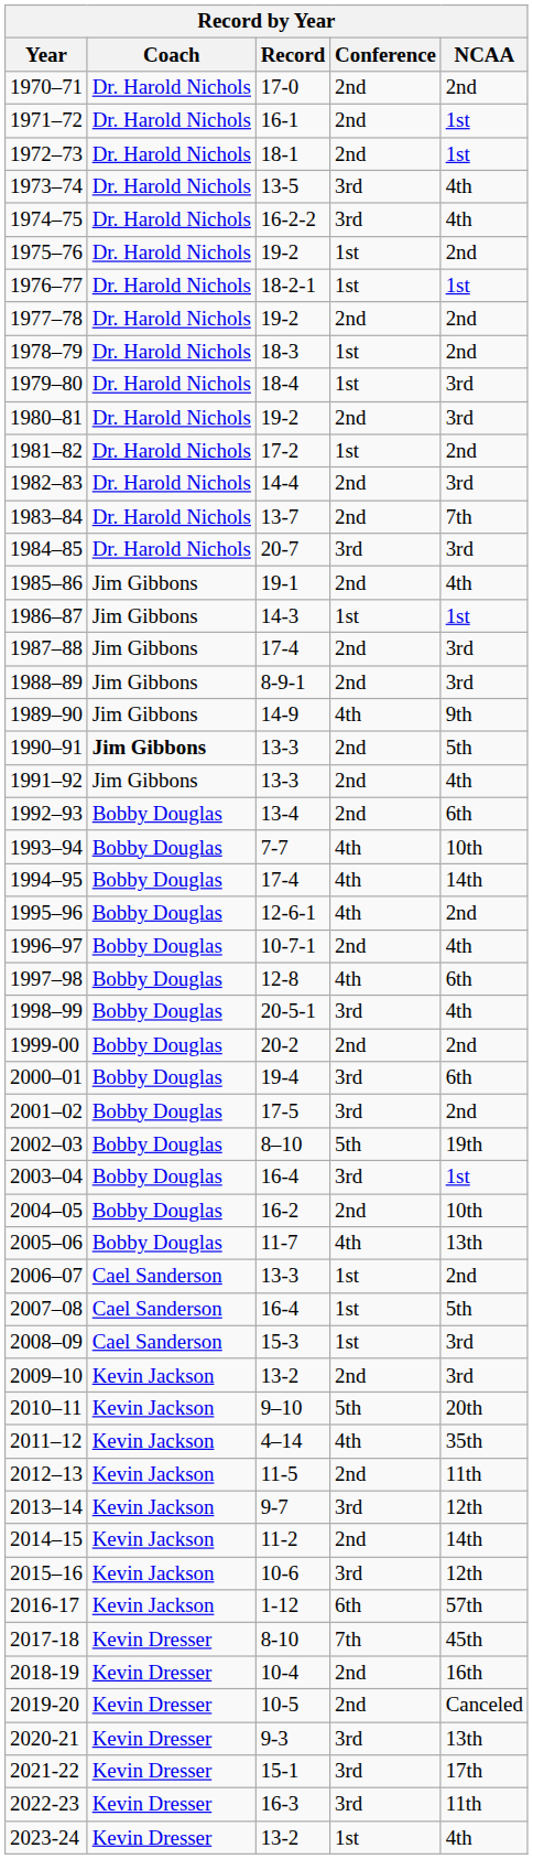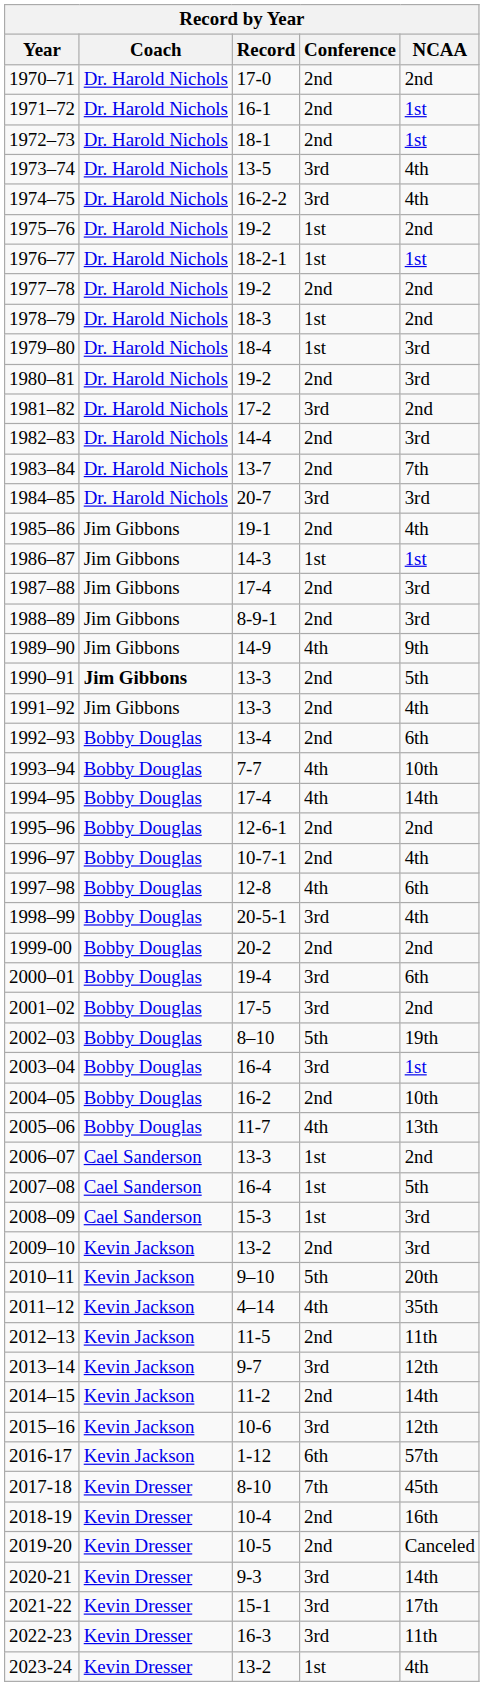 <table class="wikitable">
 <tr>
 <th colspan="5">Record by Year</th>
 </tr>
 <tr>
 <th scope="col">Year</th>
 <th scope="col">Coach</th>
 <th scope="col">Record</th>
 <th scope="col">Conference</th>
 <th scope="col">NCAA</th>
 </tr>
 <tr>
 <td>1970–71</td>
 <td><a href='#'>Dr. Harold Nichols</a></td>
 <td>17-0</td>
 <td>2nd</td>
 <td>2nd</td>
 </tr>
 <tr>
 <td>1971–72</td>
 <td><a href='#'>Dr. Harold Nichols</a></td>
 <td>16-1</td>
 <td>2nd</td>
 <td><a href='#'>1st</a></td>
 </tr>
 <tr>
 <td>1972–73</td>
 <td><a href='#'>Dr. Harold Nichols</a></td>
 <td>18-1</td>
 <td>2nd</td>
 <td><a href='#'>1st</a></td>
 </tr>
 <tr>
 <td>1973–74</td>
 <td><a href='#'>Dr. Harold Nichols</a></td>
 <td>13-5</td>
 <td>3rd</td>
 <td>4th</td>
 </tr>
 <tr>
 <td>1974–75</td>
 <td><a href='#'>Dr. Harold Nichols</a></td>
 <td>16-2-2</td>
 <td>3rd</td>
 <td>4th</td>
 </tr>
 <tr>
 <td>1975–76</td>
 <td><a href='#'>Dr. Harold Nichols</a></td>
 <td>19-2</td>
 <td>1st</td>
 <td>2nd</td>
 </tr>
 <tr>
 <td>1976–77</td>
 <td><a href='#'>Dr. Harold Nichols</a></td>
 <td>18-2-1</td>
 <td>1st</td>
 <td><a href='#'>1st</a></td>
 </tr>
 <tr>
 <td>1977–78</td>
 <td><a href='#'>Dr. Harold Nichols</a></td>
 <td>19-2</td>
 <td>2nd</td>
 <td>2nd</td>
 </tr>
 <tr>
 <td>1978–79</td>
 <td><a href='#'>Dr. Harold Nichols</a></td>
 <td>18-3</td>
 <td>1st</td>
 <td>2nd</td>
 </tr>
 <tr>
 <td>1979–80</td>
 <td><a href='#'>Dr. Harold Nichols</a></td>
 <td>18-4</td>
 <td>1st</td>
 <td>3rd</td>
 </tr>
 <tr>
 <td>1980–81</td>
 <td><a href='#'>Dr. Harold Nichols</a></td>
 <td>19-2</td>
 <td>2nd</td>
 <td>3rd</td>
 </tr>
 <tr>
 <td>1981–82</td>
 <td><a href='#'>Dr. Harold Nichols</a></td>
 <td>17-2</td>
-<td>1st</td>
+<td>3rd</td>
 <td>2nd</td>
 </tr>
 <tr>
 <td>1982–83</td>
 <td><a href='#'>Dr. Harold Nichols</a></td>
 <td>14-4</td>
 <td>2nd</td>
 <td>3rd</td>
 </tr>
 <tr>
 <td>1983–84</td>
 <td><a href='#'>Dr. Harold Nichols</a></td>
 <td>13-7</td>
 <td>2nd</td>
 <td>7th</td>
 </tr>
 <tr>
 <td>1984–85</td>
 <td><a href='#'>Dr. Harold Nichols</a></td>
 <td>20-7</td>
 <td>3rd</td>
 <td>3rd</td>
 </tr>
 <tr>
 <td>1985–86</td>
 <td>Jim Gibbons</td>
 <td>19-1</td>
 <td>2nd</td>
 <td>4th</td>
 </tr>
 <tr>
 <td>1986–87</td>
 <td>Jim Gibbons</td>
 <td>14-3</td>
 <td>1st</td>
 <td><a href='#'>1st</a></td>
 </tr>
 <tr>
 <td>1987–88</td>
 <td>Jim Gibbons</td>
 <td>17-4</td>
 <td>2nd</td>
 <td>3rd</td>
 </tr>
 <tr>
 <td>1988–89</td>
 <td>Jim Gibbons</td>
 <td>8-9-1</td>
 <td>2nd</td>
 <td>3rd</td>
 </tr>
 <tr>
 <td>1989–90</td>
 <td>Jim Gibbons</td>
 <td>14-9</td>
 <td>4th</td>
 <td>9th</td>
 </tr>
 <tr>
 <td>1990–91</td>
 <td><strong>Jim Gibbons</strong></td>
 <td>13-3</td>
 <td>2nd</td>
 <td>5th</td>
 </tr>
 <tr>
 <td>1991–92</td>
 <td>Jim Gibbons</td>
 <td>13-3</td>
 <td>2nd</td>
 <td>4th</td>
 </tr>
 <tr>
 <td>1992–93</td>
 <td><a href='#'>Bobby Douglas</a></td>
 <td>13-4</td>
 <td>2nd</td>
 <td>6th</td>
 </tr>
 <tr>
 <td>1993–94</td>
 <td><a href='#'>Bobby Douglas</a></td>
 <td>7-7</td>
 <td>4th</td>
 <td>10th</td>
 </tr>
 <tr>
 <td>1994–95</td>
 <td><a href='#'>Bobby Douglas</a></td>
 <td>17-4</td>
 <td>4th</td>
 <td>14th</td>
 </tr>
 <tr>
 <td>1995–96</td>
 <td><a href='#'>Bobby Douglas</a></td>
 <td>12-6-1</td>
-<td>4th</td>
+<td>2nd</td>
 <td>2nd</td>
 </tr>
 <tr>
 <td>1996–97</td>
 <td><a href='#'>Bobby Douglas</a></td>
 <td>10-7-1</td>
 <td>2nd</td>
 <td>4th</td>
 </tr>
 <tr>
 <td>1997–98</td>
 <td><a href='#'>Bobby Douglas</a></td>
 <td>12-8</td>
 <td>4th</td>
 <td>6th</td>
 </tr>
 <tr>
 <td>1998–99</td>
 <td><a href='#'>Bobby Douglas</a></td>
 <td>20-5-1</td>
 <td>3rd</td>
 <td>4th</td>
 </tr>
 <tr>
 <td>1999-00</td>
 <td><a href='#'>Bobby Douglas</a></td>
 <td>20-2</td>
 <td>2nd</td>
 <td>2nd</td>
 </tr>
 <tr>
 <td>2000–01</td>
 <td><a href='#'>Bobby Douglas</a></td>
 <td>19-4</td>
 <td>3rd</td>
 <td>6th</td>
 </tr>
 <tr>
 <td>2001–02</td>
 <td><a href='#'>Bobby Douglas</a></td>
 <td>17-5</td>
 <td>3rd</td>
 <td>2nd</td>
 </tr>
 <tr>
 <td>2002–03</td>
 <td><a href='#'>Bobby Douglas</a></td>
 <td>8–10</td>
 <td>5th</td>
 <td>19th</td>
 </tr>
 <tr>
 <td>2003–04</td>
 <td><a href='#'>Bobby Douglas</a></td>
 <td>16-4</td>
 <td>3rd</td>
 <td><a href='#'>1st</a></td>
 </tr>
 <tr>
 <td>2004–05</td>
 <td><a href='#'>Bobby Douglas</a></td>
 <td>16-2</td>
 <td>2nd</td>
 <td>10th</td>
 </tr>
 <tr>
 <td>2005–06</td>
 <td><a href='#'>Bobby Douglas</a></td>
 <td>11-7</td>
 <td>4th</td>
 <td>13th</td>
 </tr>
 <tr>
 <td>2006–07</td>
 <td><a href='#'>Cael Sanderson</a></td>
 <td>13-3</td>
 <td>1st</td>
 <td>2nd</td>
 </tr>
 <tr>
 <td>2007–08</td>
 <td><a href='#'>Cael Sanderson</a></td>
 <td>16-4</td>
 <td>1st</td>
 <td>5th</td>
 </tr>
 <tr>
 <td>2008–09</td>
 <td><a href='#'>Cael Sanderson</a></td>
 <td>15-3</td>
 <td>1st</td>
 <td>3rd</td>
 </tr>
 <tr>
 <td>2009–10</td>
 <td><a href='#'>Kevin Jackson</a></td>
 <td>13-2</td>
 <td>2nd</td>
 <td>3rd</td>
 </tr>
 <tr>
 <td>2010–11</td>
 <td><a href='#'>Kevin Jackson</a></td>
 <td>9–10</td>
 <td>5th</td>
 <td>20th</td>
 </tr>
 <tr>
 <td>2011–12</td>
 <td><a href='#'>Kevin Jackson</a></td>
 <td>4–14</td>
 <td>4th</td>
 <td>35th</td>
 </tr>
 <tr>
 <td>2012–13</td>
 <td><a href='#'>Kevin Jackson</a></td>
 <td>11-5</td>
 <td>2nd</td>
 <td>11th</td>
 </tr>
 <tr>
 <td>2013–14</td>
 <td><a href='#'>Kevin Jackson</a></td>
 <td>9-7</td>
 <td>3rd</td>
 <td>12th</td>
 </tr>
 <tr>
 <td>2014–15</td>
 <td><a href='#'>Kevin Jackson</a></td>
 <td>11-2</td>
 <td>2nd</td>
 <td>14th</td>
 </tr>
 <tr>
 <td>2015–16</td>
 <td><a href='#'>Kevin Jackson</a></td>
 <td>10-6</td>
 <td>3rd</td>
 <td>12th</td>
 </tr>
 <tr>
 <td>2016-17</td>
 <td><a href='#'>Kevin Jackson</a></td>
 <td>1-12</td>
 <td>6th</td>
 <td>57th</td>
 </tr>
 <tr>
 <td>2017-18</td>
 <td><a href='#'>Kevin Dresser</a></td>
 <td>8-10</td>
 <td>7th</td>
 <td>45th</td>
 </tr>
 <tr>
 <td>2018-19</td>
 <td><a href='#'>Kevin Dresser</a></td>
 <td>10-4</td>
 <td>2nd</td>
 <td>16th</td>
 </tr>
 <tr>
 <td>2019-20</td>
 <td><a href='#'>Kevin Dresser</a></td>
 <td>10-5</td>
 <td>2nd</td>
 <td>Canceled</td>
 </tr>
 <tr>
 <td>2020-21</td>
 <td><a href='#'>Kevin Dresser</a></td>
 <td>9-3</td>
 <td>3rd</td>
-<td>13th</td>
+<td>14th</td>
 </tr>
 <tr>
 <td>2021-22</td>
 <td><a href='#'>Kevin Dresser</a></td>
 <td>15-1</td>
 <td>3rd</td>
 <td>17th</td>
 </tr>
 <tr>
 <td>2022-23</td>
 <td><a href='#'>Kevin Dresser</a></td>
 <td>16-3</td>
 <td>3rd</td>
 <td>11th</td>
 </tr>
 <tr>
 <td>2023-24</td>
 <td><a href='#'>Kevin Dresser</a></td>
 <td>13-2</td>
 <td>1st</td>
 <td>4th</td>
 </tr>
 </table>
